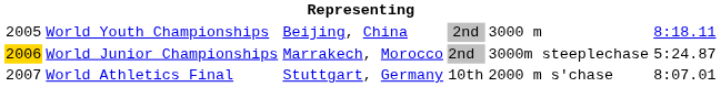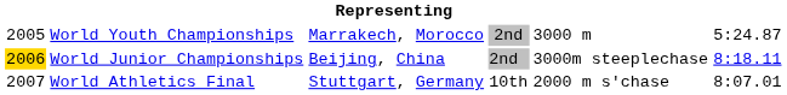 <table>
 <tr>
 <th colspan="6">Representing </th>
 </tr>
 <tr>
 <td>2005</td>
 <td><a href='#'>World Youth Championships</a></td>
-<td><a href='#'>Beijing</a>, <a href='#'>China</a></td>
+<td><a href='#'>Marrakech</a>, <a href='#'>Morocco</a></td>
 <td bgcolor="silver" align="center">2nd</td>
 <td>3000 m</td>
-<td><a href='#'>8:18.11</a></td>
+<td>5:24.87</td>
 </tr>
 <tr>
 <td style="background: gold;">2006</td>
 <td><a href='#'>World Junior Championships</a></td>
-<td><a href='#'>Marrakech</a>, <a href='#'>Morocco</a></td>
+<td><a href='#'>Beijing</a>, <a href='#'>China</a></td>
 <td bgcolor=silver>2nd</td>
 <td>3000m steeplechase</td>
-<td>5:24.87</td>
+<td><a href='#'>8:18.11</a></td>
 </tr>
 <tr>
 <td>2007</td>
 <td><a href='#'>World Athletics Final</a></td>
 <td><a href='#'>Stuttgart</a>, <a href='#'>Germany</a></td>
 <td align="center">10th</td>
 <td>2000 m s'chase</td>
 <td>8:07.01</td>
 </tr>
 </table>
